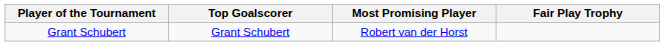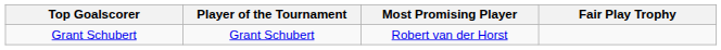 <table class=wikitable style="margin:auto; text-align:center">
 <tr>
+<th style="width: 220px;">Top Goalscorer</th>
 <th style="width: 220px;">Player of the Tournament</th>
-<th style="width: 220px;">Top Goalscorer</th>
 <th style="width: 220px;">Most Promising Player</th>
 <th style="width: 220px;">Fair Play Trophy</th>
 </tr>
 <tr>
 <td> <a href='#'>Grant Schubert</a></td>
 <td> <a href='#'>Grant Schubert</a></td>
 <td> <a href='#'>Robert van der Horst</a></td>
 <td></td>
 </tr>
 </table>
